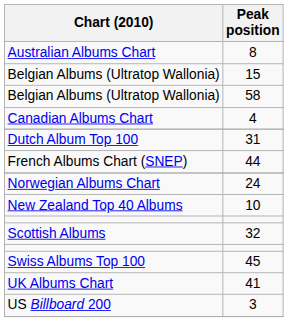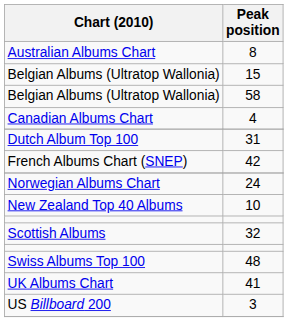 <table class="wikitable sortable">
 <tr>
 <th>Chart (2010)</th>
 <th>Peak<br>position</th>
 </tr>
 <tr>
 <td><a href='#'>Australian Albums Chart</a></td>
 <td align=center>8</td>
 </tr>
 <tr>
 <td>Belgian Albums (Ultratop Wallonia)</td>
 <td align=center>15</td>
 </tr>
 <tr>
 <td>Belgian Albums (Ultratop Wallonia)</td>
 <td align="center">58</td>
 </tr>
 <tr>
 <td><a href='#'>Canadian Albums Chart</a></td>
 <td align=center>4</td>
 </tr>
 <tr>
 </tr>
 <tr>
 <td><a href='#'>Dutch Album Top 100</a></td>
 <td align=center>31</td>
 </tr>
 <tr>
 <td>French Albums Chart (<a href='#'>SNEP</a>)</td>
-<td align=center>44</td>
+<td align=center>42</td>
 </tr>
 <tr>
 </tr>
 <tr>
 <td><a href='#'>Norwegian Albums Chart</a></td>
 <td align=center>24</td>
 </tr>
 <tr>
 <td><a href='#'>New Zealand Top 40 Albums</a></td>
 <td align=center>10</td>
 </tr>
 <tr>
 <td></td>
 </tr>
 <tr>
 <td><a href='#'>Scottish Albums</a></td>
 <td align="center">32</td>
 </tr>
 <tr>
 <td></td>
 </tr>
 <tr>
 <td><a href='#'>Swiss Albums Top 100</a></td>
-<td align=center>45</td>
+<td align=center>48</td>
 </tr>
 <tr>
 <td><a href='#'>UK Albums Chart</a></td>
 <td align=center>41</td>
 </tr>
 <tr>
 <td>US <a href='#'><em>Billboard</em> 200</a></td>
 <td align=center>3</td>
 </tr>
 <tr>
 </tr>
 </table>
